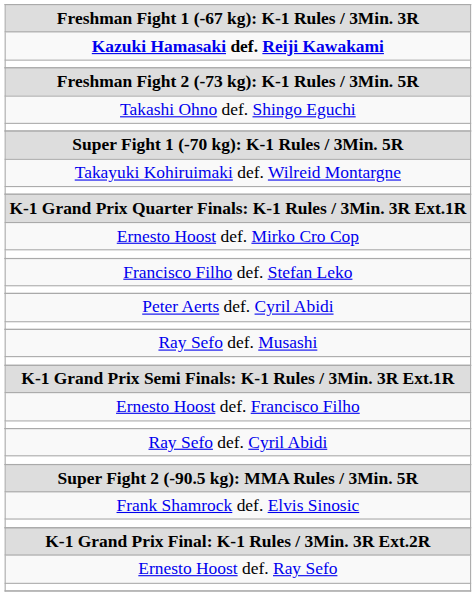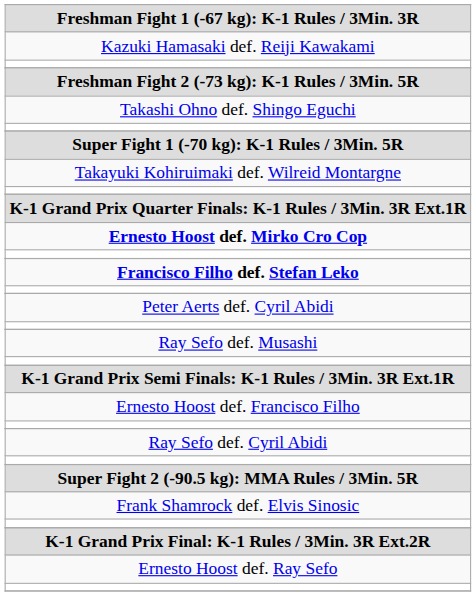 <table class="wikitable" style="clear:both; margin:1.5em auto; text-align:center;">
 <tr>
 </tr>
 <tr align="center"  bgcolor="#dddddd">
 <td><strong>Freshman Fight 1 (-67 kg): K-1 Rules / 3Min. 3R</strong></td>
 </tr>
 <tr align="center"  bgcolor=>
-<td align=center><strong> <a href='#'>Kazuki Hamasaki</a> def. <a href='#'>Reiji Kawakami</a> </strong></td>
+<td align=center> <a href='#'>Kazuki Hamasaki</a> def. <a href='#'>Reiji Kawakami</a> </td>
 </tr>
 <tr>
 <th style=background:white colspan=2></th>
 </tr>
 <tr>
 </tr>
 <tr align="center"  bgcolor="#dddddd">
 <td><strong>Freshman Fight 2 (-73 kg): K-1 Rules / 3Min. 5R</strong></td>
 </tr>
 <tr align="center"  bgcolor=>
 <td align=center> <a href='#'>Takashi Ohno</a> def. <a href='#'>Shingo Eguchi</a> </td>
 </tr>
 <tr>
 <th style=background:white colspan=2></th>
 </tr>
 <tr>
 </tr>
 <tr align="center"  bgcolor="#dddddd">
 <td><strong>Super Fight 1 (-70 kg): K-1 Rules / 3Min. 5R</strong></td>
 </tr>
 <tr align="center"  bgcolor=>
 <td align=center> <a href='#'>Takayuki Kohiruimaki</a> def. <a href='#'>Wilreid Montargne</a> </td>
 </tr>
 <tr>
 <th style=background:white colspan=2></th>
 </tr>
 <tr>
 </tr>
 <tr align="center"  bgcolor="#dddddd">
 <td><strong>K-1 Grand Prix Quarter Finals: K-1 Rules / 3Min. 3R Ext.1R</strong></td>
 </tr>
 <tr align="center"  bgcolor=>
-<td align=center> <a href='#'>Ernesto Hoost</a> def. <a href='#'>Mirko Cro Cop</a> </td>
+<td align=center><strong> <a href='#'>Ernesto Hoost</a> def. <a href='#'>Mirko Cro Cop</a> </strong></td>
 </tr>
 <tr>
 <th style=background:white colspan=2></th>
 </tr>
 <tr>
 </tr>
 <tr align="center"  bgcolor=>
-<td align=center> <a href='#'>Francisco Filho</a> def. <a href='#'>Stefan Leko</a> </td>
+<td align=center><strong> <a href='#'>Francisco Filho</a> def. <a href='#'>Stefan Leko</a> </strong></td>
 </tr>
 <tr>
 <th style=background:white colspan=2></th>
 </tr>
 <tr>
 </tr>
 <tr align="center"  bgcolor=>
 <td align=center> <a href='#'>Peter Aerts</a> def. <a href='#'>Cyril Abidi</a> </td>
 </tr>
 <tr>
 <th style=background:white colspan=2></th>
 </tr>
 <tr>
 </tr>
 <tr align="center"  bgcolor=>
 <td align=center> <a href='#'>Ray Sefo</a> def. <a href='#'>Musashi</a> </td>
 </tr>
 <tr>
 <th style=background:white colspan=2></th>
 </tr>
 <tr>
 </tr>
 <tr align="center"  bgcolor="#dddddd">
 <td><strong>K-1 Grand Prix Semi Finals: K-1 Rules / 3Min. 3R Ext.1R</strong></td>
 </tr>
 <tr align="center"  bgcolor=>
 <td align=center> <a href='#'>Ernesto Hoost</a> def. <a href='#'>Francisco Filho</a> </td>
 </tr>
 <tr>
 <th style=background:white colspan=2></th>
 </tr>
 <tr>
 </tr>
 <tr align="center"  bgcolor=>
 <td align=center> <a href='#'>Ray Sefo</a> def. <a href='#'>Cyril Abidi</a> </td>
 </tr>
 <tr>
 <th style=background:white colspan=2></th>
 </tr>
 <tr>
 </tr>
 <tr align="center"  bgcolor="#dddddd">
 <td><strong>Super Fight 2 (-90.5 kg): MMA Rules / 3Min. 5R</strong></td>
 </tr>
 <tr align="center"  bgcolor=>
 <td align=center> <a href='#'>Frank Shamrock</a> def. <a href='#'>Elvis Sinosic</a> </td>
 </tr>
 <tr>
 <th style=background:white colspan=2></th>
 </tr>
 <tr>
 </tr>
 <tr align="center"  bgcolor="#dddddd">
 <td><strong>K-1 Grand Prix Final: K-1 Rules / 3Min. 3R Ext.2R</strong></td>
 </tr>
 <tr align="center"  bgcolor=>
 <td align=center> <a href='#'>Ernesto Hoost</a> def. <a href='#'>Ray Sefo</a> </td>
 </tr>
 <tr>
 <th style=background:white colspan=2></th>
 </tr>
 <tr>
 </tr>
 </table>
